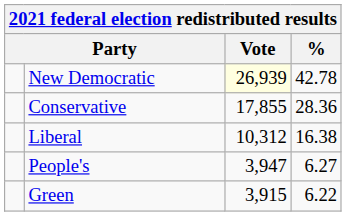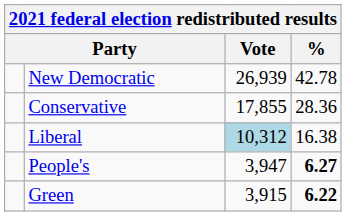 <table class="wikitable">
 <tr>
 <th colspan="4"><a href='#'>2021 federal election</a> redistributed results</th>
 </tr>
 <tr>
 <th bgcolor="#DDDDFF" width="130px" colspan="2">Party</th>
 <th bgcolor="#DDDDFF" width="50px">Vote</th>
 <th bgcolor="#DDDDFF" width="30px">%</th>
 </tr>
 <tr>
 <td> </td>
 <td><a href='#'>New Democratic</a></td>
-<td align=right style="background: lightyellow;">26,939</td>
+<td align=right>26,939</td>
 <td align=right>42.78</td>
 </tr>
 <tr>
 <td> </td>
 <td><a href='#'>Conservative</a></td>
 <td align=right>17,855</td>
 <td align=right>28.36</td>
 </tr>
 <tr>
 <td> </td>
 <td><a href='#'>Liberal</a></td>
-<td align=right>10,312</td>
+<td align=right style="background: lightblue;">10,312</td>
 <td align=right>16.38</td>
 </tr>
 <tr>
 <td> </td>
 <td><a href='#'>People's</a></td>
 <td align=right>3,947</td>
-<td align=right>6.27</td>
+<td align=right><strong>6.27</strong></td>
 </tr>
 <tr>
 <td> </td>
 <td><a href='#'>Green</a></td>
 <td align=right>3,915</td>
-<td align=right>6.22</td>
+<td align=right><strong>6.22</strong></td>
 </tr>
 </table>
